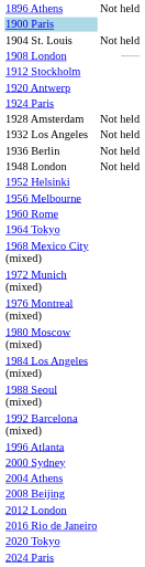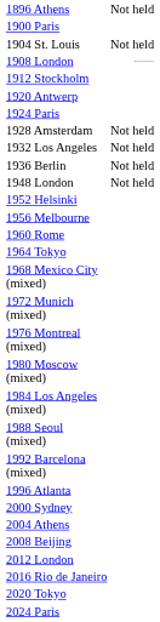 <table>
 <tr>
 <td><a href='#'>1896 Athens</a></td>
 <td colspan=3 align=center>Not held</td>
 </tr>
 <tr>
-<td style="background: lightblue;"><a href='#'>1900 Paris</a><br></td>
+<td><a href='#'>1900 Paris</a><br></td>
 <td></td>
 <td></td>
 <td></td>
 </tr>
 <tr>
 <td>1904 St. Louis</td>
 <td colspan=3 align=center>Not held</td>
 </tr>
 <tr>
 <td><a href='#'>1908 London</a><br></td>
 <td></td>
 <td></td>
 <td><hr></td>
 </tr>
 <tr>
 <td><a href='#'>1912 Stockholm</a><br></td>
 <td></td>
 <td></td>
 <td></td>
 </tr>
 <tr>
 <td><a href='#'>1920 Antwerp</a><br></td>
 <td></td>
 <td></td>
 <td></td>
 </tr>
 <tr>
 <td><a href='#'>1924 Paris</a><br></td>
 <td></td>
 <td></td>
 <td></td>
 </tr>
 <tr>
 <td>1928 Amsterdam</td>
 <td colspan=3 align=center>Not held</td>
 </tr>
 <tr>
 <td>1932 Los Angeles</td>
 <td colspan=3 align=center>Not held</td>
 </tr>
 <tr>
 <td>1936 Berlin</td>
 <td colspan=3 align=center>Not held</td>
 </tr>
 <tr>
 <td>1948 London</td>
 <td colspan=3 align=center>Not held</td>
 </tr>
 <tr>
 <td><a href='#'>1952 Helsinki</a><br></td>
 <td></td>
 <td></td>
 <td></td>
 </tr>
 <tr>
 <td><a href='#'>1956 Melbourne</a><br></td>
 <td></td>
 <td></td>
 <td></td>
 </tr>
 <tr>
 <td><a href='#'>1960 Rome</a><br></td>
 <td></td>
 <td></td>
 <td></td>
 </tr>
 <tr>
 <td><a href='#'>1964 Tokyo</a><br></td>
 <td></td>
 <td></td>
 <td></td>
 </tr>
 <tr>
 <td><a href='#'>1968 Mexico City</a><br> (mixed)</td>
 <td></td>
 <td></td>
 <td></td>
 </tr>
 <tr>
 <td><a href='#'>1972 Munich</a><br> (mixed)</td>
 <td></td>
 <td></td>
 <td></td>
 </tr>
 <tr>
 <td><a href='#'>1976 Montreal</a><br> (mixed)</td>
 <td></td>
 <td></td>
 <td></td>
 </tr>
 <tr>
 <td><a href='#'>1980 Moscow</a><br> (mixed)</td>
 <td></td>
 <td></td>
 <td></td>
 </tr>
 <tr>
 <td><a href='#'>1984 Los Angeles</a><br> (mixed)</td>
 <td></td>
 <td></td>
 <td></td>
 </tr>
 <tr>
 <td><a href='#'>1988 Seoul</a><br> (mixed)</td>
 <td></td>
 <td></td>
 <td></td>
 </tr>
 <tr>
 <td><a href='#'>1992 Barcelona</a><br> (mixed)</td>
 <td></td>
 <td></td>
 <td></td>
 </tr>
 <tr>
 <td><a href='#'>1996 Atlanta</a><br></td>
 <td></td>
 <td></td>
 <td></td>
 </tr>
 <tr>
 <td><a href='#'>2000 Sydney</a><br></td>
 <td></td>
 <td></td>
 <td></td>
 </tr>
 <tr>
 <td><a href='#'>2004 Athens</a><br></td>
 <td></td>
 <td></td>
 <td></td>
 </tr>
 <tr>
 <td><a href='#'>2008 Beijing</a><br></td>
 <td></td>
 <td></td>
 <td></td>
 </tr>
 <tr>
 <td><a href='#'>2012 London</a><br></td>
 <td></td>
 <td></td>
 <td></td>
 </tr>
 <tr>
 <td><a href='#'>2016 Rio de Janeiro</a><br></td>
 <td></td>
 <td></td>
 <td></td>
 </tr>
 <tr>
 <td><a href='#'>2020 Tokyo</a><br></td>
 <td></td>
 <td></td>
 <td></td>
 </tr>
 <tr>
 <td><a href='#'>2024 Paris</a><br></td>
 <td></td>
 <td></td>
 <td></td>
 </tr>
 </table>
